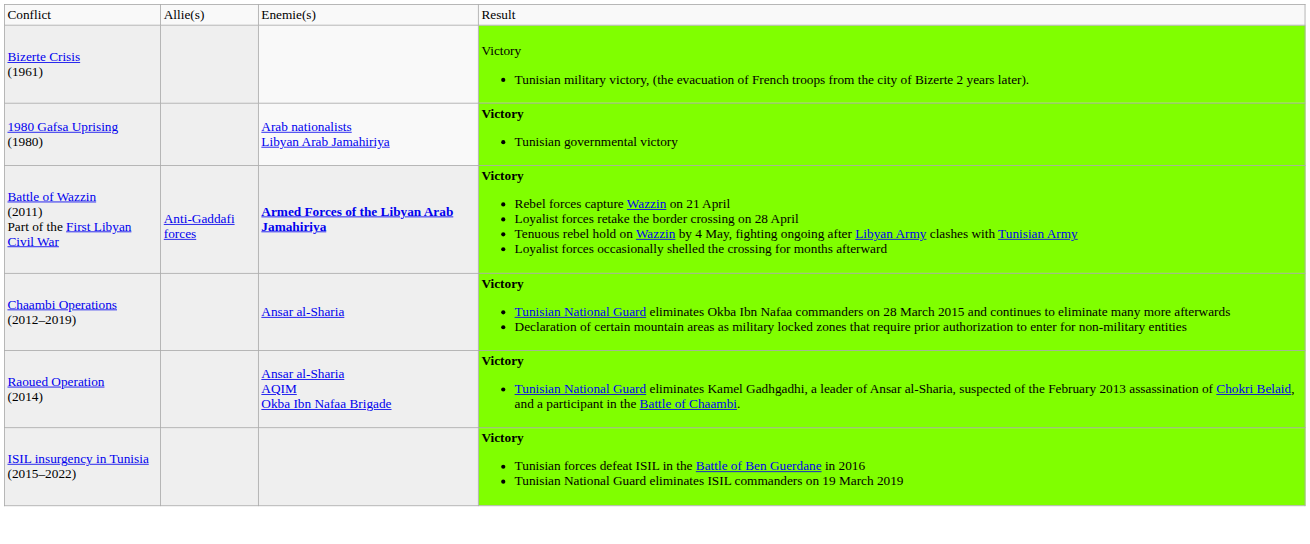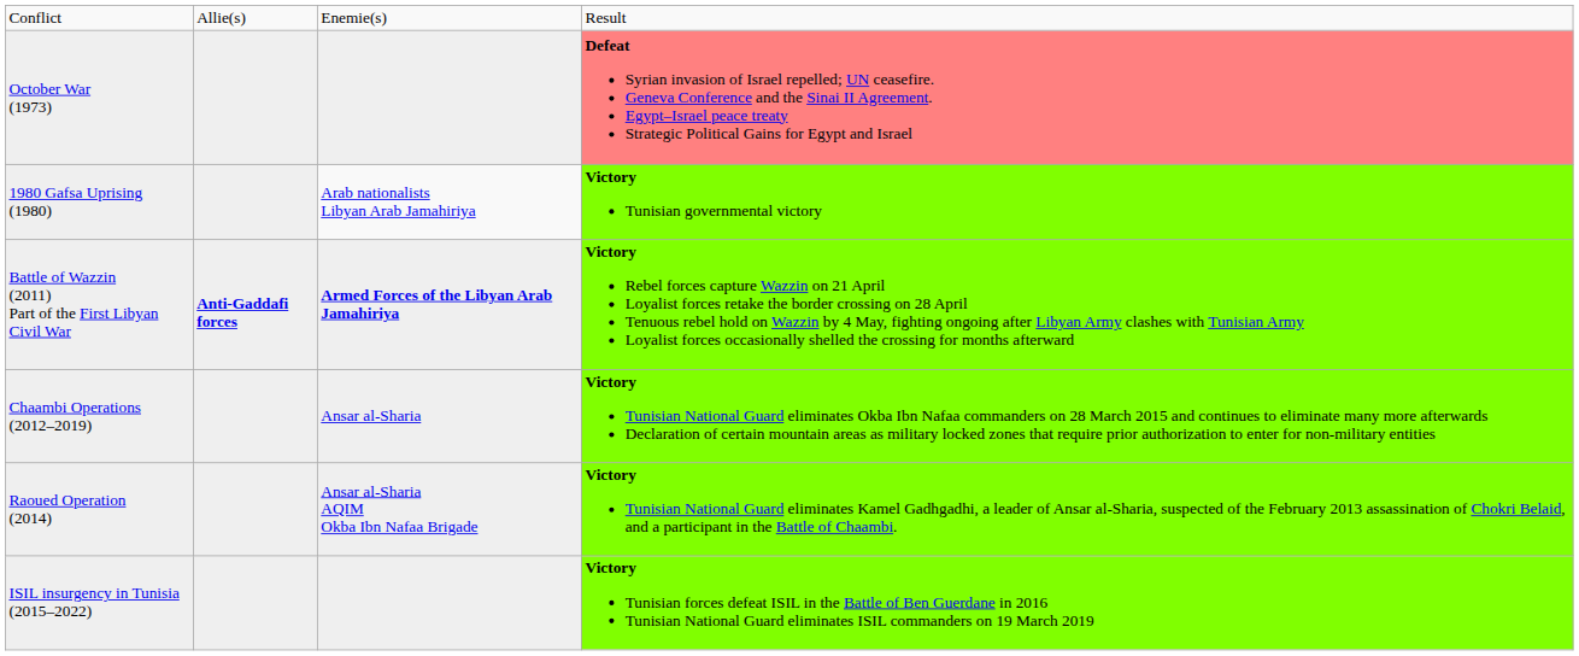 <table class="wikitable">
 <tr>
 <td>Conflict</td>
 <td>Allie(s)</td>
 <td>Enemie(s)</td>
 <td>Result</td>
 </tr>
 <tr>
-<td style="background:#efefef"><a href='#'>Bizerte Crisis</a><br>(1961)</td>
+<td style="background:#efefef"><a href='#'>October War</a> <br>(1973)</td>
+<td style="background:#efefef"><br> <br> <br><br><br><br><br></td>
 <td style="background:#efefef"></td>
-<td style="background:#"></td>
-<td style="background:#80FF00"><br>Victory<ul><li>Tunisian military victory, (the evacuation of French troops from the city of Bizerte 2 years later).</li></ul></td>
+<td style="background:#FF8080"><strong>Defeat</strong><br><ul><li>Syrian invasion of Israel repelled; <a href='#'>UN</a> ceasefire.</li><li><a href='#'>Geneva Conference</a> and the <a href='#'>Sinai II Agreement</a>.</li><li><a href='#'>Egypt–Israel peace treaty</a></li><li>Strategic Political Gains for Egypt and Israel</li></ul></td>
 </tr>
 <tr>
 <td style="background:#efefef"><a href='#'>1980 Gafsa Uprising</a><br>(1980)</td>
 <td style="background:#efefef"></td>
 <td style="background:#"> <a href='#'>Arab nationalists</a><br> <a href='#'>Libyan Arab Jamahiriya</a></td>
 <td style="background:#80FF00"><strong>Victory</strong><br><ul><li>Tunisian governmental victory</li></ul></td>
 </tr>
 <tr>
 <td style="background:#efefef"><a href='#'>Battle of Wazzin</a><br>(2011)<br>Part of the <a href='#'>First Libyan Civil War</a></td>
-<td style="background:#efefef"><br> <a href='#'>Anti-Gaddafi forces</a></td>
+<td style="background:#efefef"><strong><br> <a href='#'>Anti-Gaddafi forces</a></strong></td>
 <td style="background:#efefef"><strong> <a href='#'>Armed Forces of the Libyan Arab Jamahiriya</a></strong></td>
 <td style="background:#80FF00"><strong>Victory</strong><br><ul><li>Rebel forces capture <a href='#'>Wazzin</a> on 21 April</li><li>Loyalist forces retake the border crossing on 28 April</li><li>Tenuous rebel hold on <a href='#'>Wazzin</a> by 4 May, fighting ongoing after <a href='#'>Libyan Army</a> clashes with <a href='#'>Tunisian Army</a></li><li>Loyalist forces occasionally shelled the crossing for months afterward</li></ul></td>
 </tr>
 <tr>
 <td style="background:#efefef"><a href='#'>Chaambi Operations</a><br>(2012–2019)</td>
 <td style="background:#efefef"></td>
 <td style="background:#efefef"> <a href='#'>Ansar al-Sharia</a></td>
 <td style="background:#80FF00"><strong>Victory</strong><br><ul><li><a href='#'>Tunisian National Guard</a> eliminates Okba Ibn Nafaa commanders on 28 March 2015 and continues to eliminate many more afterwards</li><li>Declaration of certain mountain areas as military locked zones that require prior authorization to enter for non-military entities</li></ul></td>
 </tr>
 <tr>
 <td style="background:#efefef"><a href='#'>Raoued Operation</a><br>(2014)</td>
 <td style="background:#efefef"></td>
 <td style="background:#efefef"> <a href='#'>Ansar al-Sharia</a><br> <a href='#'>AQIM</a><br> <a href='#'>Okba Ibn Nafaa Brigade</a></td>
 <td style="background:#80FF00"><strong>Victory</strong><br><ul><li><a href='#'>Tunisian National Guard</a> eliminates Kamel Gadhgadhi, a leader of Ansar al-Sharia, suspected of the February 2013 assassination of <a href='#'>Chokri Belaid</a>, and a participant in the <a href='#'>Battle of Chaambi</a>.</li></ul></td>
 </tr>
 <tr>
 <td style="background:#efefef"><a href='#'>ISIL insurgency in Tunisia</a><br>(2015–2022)</td>
 <td style="background:#efefef"></td>
 <td style="background:#efefef"></td>
 <td style="background:#80FF00"><strong>Victory</strong><br><ul><li>Tunisian forces defeat ISIL in the <a href='#'>Battle of Ben Guerdane</a> in 2016</li><li>Tunisian National Guard eliminates ISIL commanders on 19 March 2019</li></ul></td>
 </tr>
 </table>
